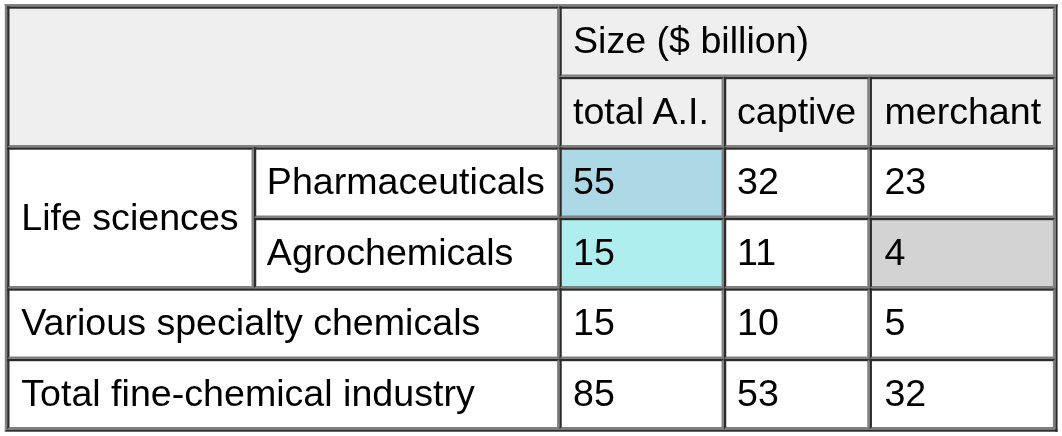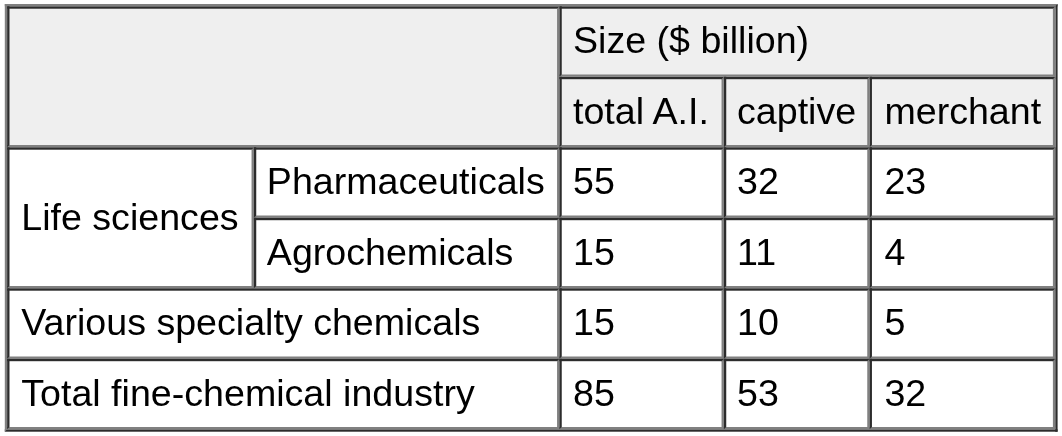 <table " border="1" cellpadding="5" cellspacing="0" align="center">
 <tr>
 <td rowspan="2" colspan="2" style="background: #efefef;"></td>
 <td colspan="3"  style="background: #efefef;">Size ($ billion)</td>
 </tr>
 <tr>
 <td style="background: #efefef;">total A.I.</td>
 <td style="background: #efefef;">captive</td>
 <td style="background: #efefef;">merchant</td>
 </tr>
 <tr>
 <td rowspan="2">Life sciences</td>
 <td>Pharmaceuticals</td>
-<td style="background: lightblue;">55</td>
+<td>55</td>
 <td>32</td>
 <td>23</td>
 </tr>
 <tr>
 <td>Agrochemicals</td>
-<td style="background: paleturquoise;">15</td>
+<td>15</td>
 <td>11</td>
-<td style="background: lightgrey;">4</td>
+<td>4</td>
 </tr>
 <tr>
 <td colspan="2">Various specialty chemicals</td>
 <td>15</td>
 <td>10</td>
 <td>5</td>
 </tr>
 <tr>
 <td colspan="2">Total fine-chemical industry</td>
 <td>85</td>
 <td>53</td>
 <td>32</td>
 </tr>
 <tr>
 </tr>
 </table>
